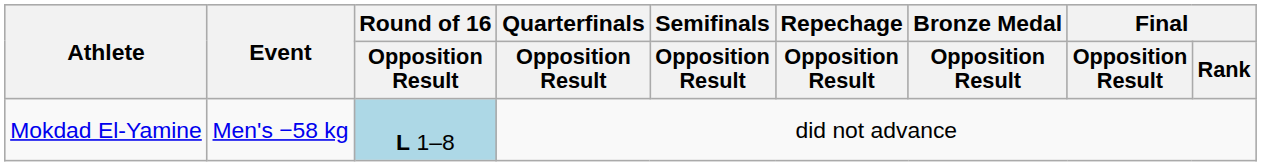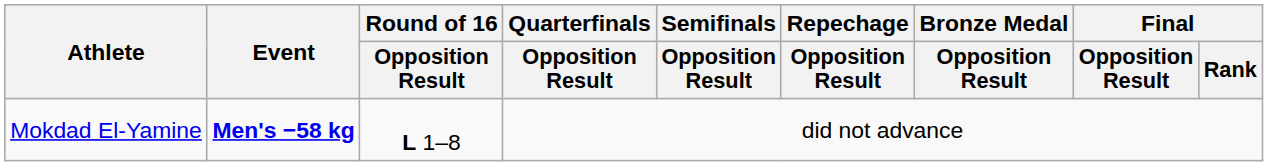 <table class="wikitable" border="1" style="font-size:90%">
 <tr>
 <th rowspan=2>Athlete</th>
 <th rowspan=2>Event</th>
 <th>Round of 16</th>
 <th>Quarterfinals</th>
 <th>Semifinals</th>
 <th>Repechage</th>
 <th>Bronze Medal</th>
 <th colspan=2>Final</th>
 </tr>
 <tr style="font-size:95%">
 <th>Opposition<br>Result</th>
 <th>Opposition<br>Result</th>
 <th>Opposition<br>Result</th>
 <th>Opposition<br>Result</th>
 <th>Opposition<br>Result</th>
 <th>Opposition<br>Result</th>
 <th>Rank</th>
 </tr>
 <tr align=center>
 <td align=left><a href='#'>Mokdad El-Yamine</a></td>
-<td align=left><a href='#'>Men's −58 kg</a></td>
-<td style="background: lightblue;"><br><strong>L</strong> 1–8</td>
+<td align=left><strong><a href='#'>Men's −58 kg</a></strong></td>
+<td><br><strong>L</strong> 1–8</td>
 <td colspan=6>did not advance</td>
 </tr>
 </table>
